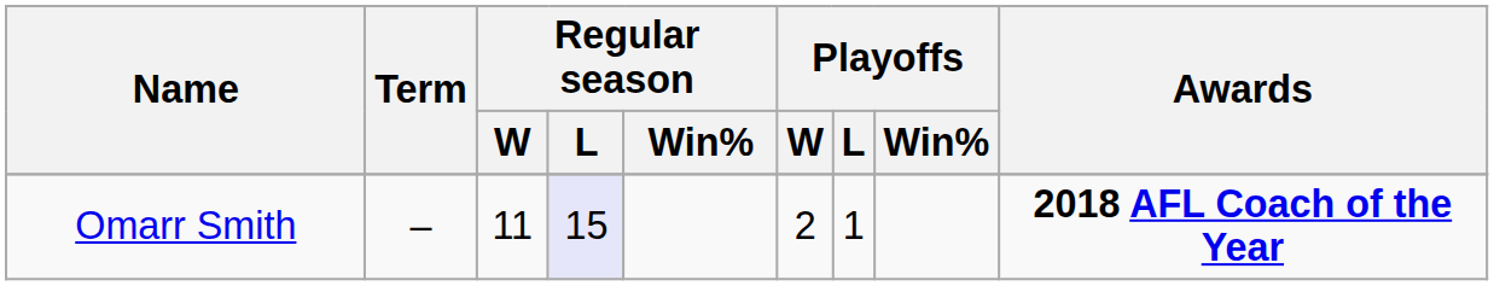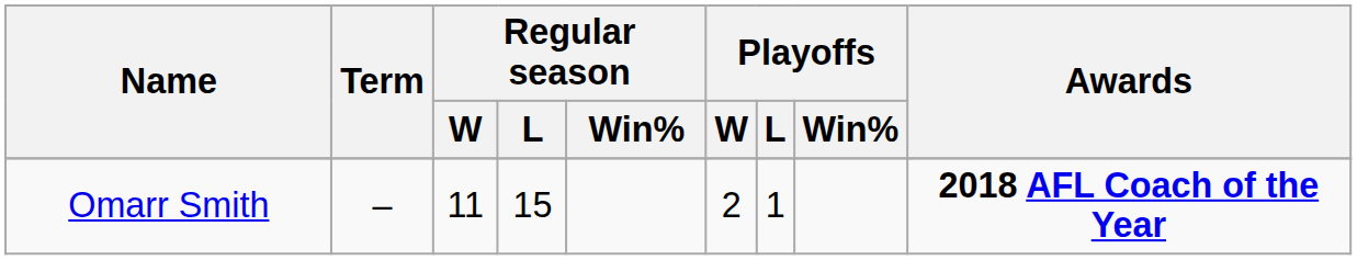 <table class="wikitable">
 <tr>
 <th rowspan="2" style="width:140px;">Name</th>
 <th rowspan="2">Term</th>
 <th colspan="3">Regular season</th>
 <th colspan="3">Playoffs</th>
 <th rowspan="2">Awards</th>
 </tr>
 <tr>
 <th>W</th>
 <th>L</th>
 <th>Win%</th>
 <th>W</th>
 <th>L</th>
 <th>Win%</th>
 </tr>
 <tr>
 </tr>
 <tr>
 <td style="text-align:center;"><a href='#'>Omarr Smith</a></td>
 <td style="text-align:center;">–</td>
 <td style="text-align:center;">11</td>
-<td style="background: lavender; text-align:center;">15</td>
+<td style="text-align:center;">15</td>
 <td style="text-align:center;"></td>
 <td style="text-align:center;">2</td>
 <td style="text-align:center;">1</td>
 <td style="text-align:center;"></td>
 <td style="text-align:center;"><strong>2018 <a href='#'>AFL Coach of the Year</a></strong></td>
 </tr>
 </table>
